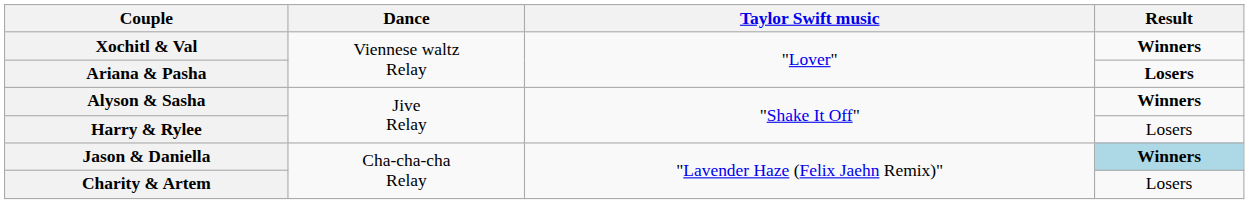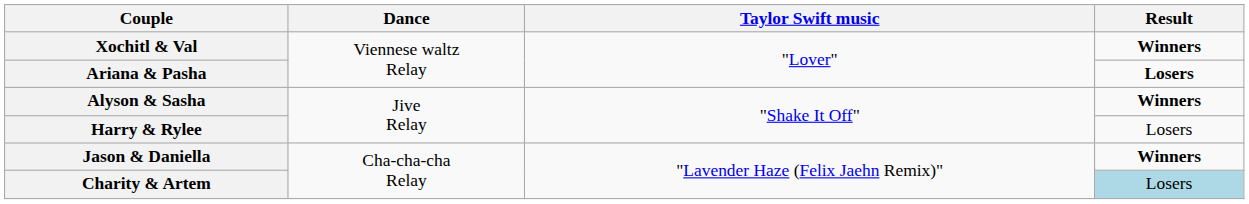 <table class="wikitable unsortable" style="text-align:center; width: 90%">
 <tr>
 <th scope="col">Couple</th>
 <th scope="col">Dance</th>
 <th scope="col"><a href='#'>Taylor Swift music</a></th>
 <th scope="col">Result</th>
 </tr>
 <tr>
 <th scope="row">Xochitl & Val</th>
 <td rowspan="2">Viennese waltz<br>Relay</td>
 <td rowspan="2">"<a href='#'>Lover</a>"</td>
 <td><strong>Winners</strong></td>
 </tr>
 <tr>
 <th scope="row">Ariana & Pasha</th>
 <td><strong>Losers</strong></td>
 </tr>
 <tr>
 <th scope="row">Alyson & Sasha</th>
 <td rowspan="2">Jive<br>Relay</td>
 <td rowspan="2">"<a href='#'>Shake It Off</a>"</td>
 <td><strong>Winners</strong></td>
 </tr>
 <tr>
 <th scope="row">Harry & Rylee</th>
 <td>Losers</td>
 </tr>
 <tr>
 <th scope="row">Jason & Daniella</th>
 <td rowspan="2">Cha-cha-cha<br>Relay</td>
 <td rowspan="2">"<a href='#'>Lavender Haze</a> (<a href='#'>Felix Jaehn</a> Remix)"</td>
-<td style="background: lightblue;"><strong>Winners</strong></td>
+<td><strong>Winners</strong></td>
 </tr>
 <tr>
 <th scope="row">Charity & Artem</th>
-<td>Losers</td>
+<td style="background: lightblue;">Losers</td>
 </tr>
 </table>
